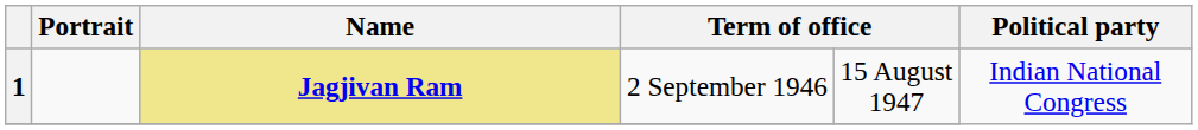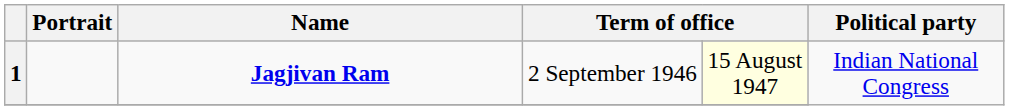 <table class="wikitable" style="text-align:center">
 <tr>
 <th></th>
 <th>Portrait</th>
 <th style="width:17em">Name</th>
 <th colspan="2">Term of office</th>
 <th style="width:8em">Political party</th>
 </tr>
 <tr>
 <th>1</th>
 <td></td>
-<td style="background: khaki;"><strong><a href='#'>Jagjivan Ram</a></strong></td>
+<td><strong><a href='#'>Jagjivan Ram</a></strong></td>
 <td>2 September 1946</td>
-<td>15 August<br>1947</td>
+<td style="background: lightyellow;">15 August<br>1947</td>
 <td rowspan="15"><a href='#'>Indian National Congress</a></td>
 </tr>
 <tr>
 </tr>
 </table>
